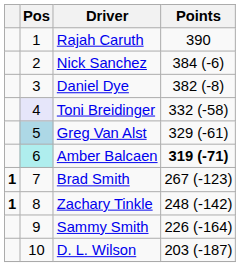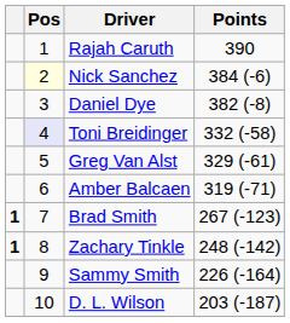 <table class="wikitable" style="font-size: 95%;">
 <tr>
 <th></th>
 <th>Pos</th>
 <th>Driver</th>
 <th>Points</th>
 </tr>
 <tr>
 <td align="left"></td>
 <td style="text-align:center;">1</td>
 <td><a href='#'>Rajah Caruth</a></td>
 <td style="text-align:center;">390</td>
 </tr>
 <tr>
 <td align="left"></td>
-<td style="text-align:center;">2</td>
+<td style="background: lightyellow; text-align:center;">2</td>
 <td><a href='#'>Nick Sanchez</a></td>
 <td style="text-align:center;">384 (-6)</td>
 </tr>
 <tr>
 <td align="left"></td>
 <td style="text-align:center;">3</td>
 <td><a href='#'>Daniel Dye</a></td>
 <td style="text-align:center;">382 (-8)</td>
 </tr>
 <tr>
 <td align="left"></td>
 <td style="background: lavender; text-align:center;">4</td>
 <td><a href='#'>Toni Breidinger</a></td>
 <td style="text-align:center;">332 (-58)</td>
 </tr>
 <tr>
 <td align="left"></td>
-<td style="background: lightblue; text-align:center;">5</td>
+<td style="text-align:center;">5</td>
 <td><a href='#'>Greg Van Alst</a></td>
 <td style="text-align:center;">329 (-61)</td>
 </tr>
 <tr>
 <td align="left"></td>
-<td style="background: paleturquoise; text-align:center;">6</td>
+<td style="text-align:center;">6</td>
 <td><a href='#'>Amber Balcaen</a></td>
-<td style="text-align:center;"><strong>319 (-71)</strong></td>
+<td style="text-align:center;">319 (-71)</td>
 </tr>
 <tr>
 <td align="left"> <strong>1</strong></td>
 <td style="text-align:center;">7</td>
 <td><a href='#'>Brad Smith</a></td>
 <td style="text-align:center;">267 (-123)</td>
 </tr>
 <tr>
 <td align="left"> <strong>1</strong></td>
 <td style="text-align:center;">8</td>
 <td><a href='#'>Zachary Tinkle</a></td>
 <td style="text-align:center;">248 (-142)</td>
 </tr>
 <tr>
 <td align="left"></td>
 <td style="text-align:center;">9</td>
 <td><a href='#'>Sammy Smith</a></td>
 <td style="text-align:center;">226 (-164)</td>
 </tr>
 <tr>
 <td align="left"></td>
 <td style="text-align:center;">10</td>
 <td><a href='#'>D. L. Wilson</a></td>
 <td style="text-align:center;">203 (-187)</td>
 </tr>
 <tr class="sortbottom">
 </tr>
 </table>
